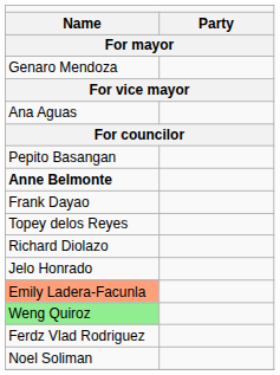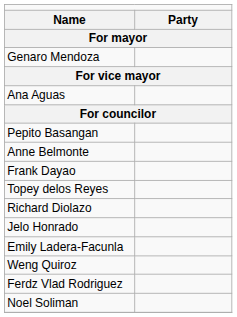 <table class=wikitable style="font-size:90%">
 <tr>
 <td colspan=4 bgcolor=></td>
 </tr>
 <tr>
 <th width=150px>Name</th>
 <th colspan=2 width=110px>Party</th>
 </tr>
 <tr>
 <th colspan=3>For mayor</th>
 </tr>
 <tr>
 <td>Genaro Mendoza</td>
 <td></td>
 </tr>
 <tr>
 <th colspan=3>For vice mayor</th>
 </tr>
 <tr>
 <td>Ana Aguas</td>
 <td></td>
 </tr>
 <tr>
 <th colspan=3>For councilor</th>
 </tr>
 <tr>
 <td>Pepito Basangan</td>
 <td></td>
 </tr>
 <tr>
-<td><strong>Anne Belmonte</strong></td>
+<td>Anne Belmonte</td>
 <td></td>
 </tr>
 <tr>
 <td>Frank Dayao</td>
 <td></td>
 </tr>
 <tr>
 <td>Topey delos Reyes</td>
 <td></td>
 </tr>
 <tr>
 <td>Richard Diolazo</td>
 <td></td>
 </tr>
 <tr>
 <td>Jelo Honrado</td>
 <td></td>
 </tr>
 <tr>
-<td style="background: lightsalmon;">Emily Ladera-Facunla</td>
+<td>Emily Ladera-Facunla</td>
 <td></td>
 </tr>
 <tr>
-<td style="background: lightgreen;">Weng Quiroz</td>
+<td>Weng Quiroz</td>
 <td></td>
 </tr>
 <tr>
 <td>Ferdz Vlad Rodriguez</td>
 <td></td>
 </tr>
 <tr>
 <td>Noel Soliman</td>
 <td></td>
 </tr>
 <tr>
 </tr>
 </table>
